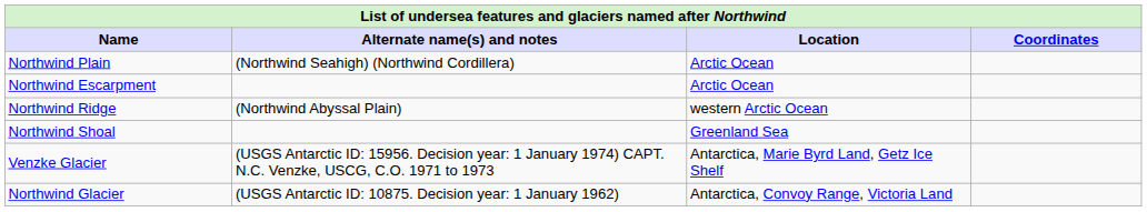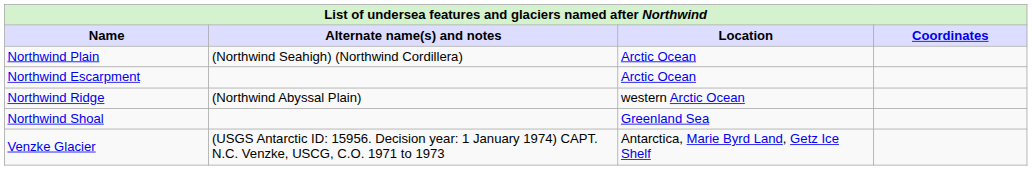 <table class="wikitable sortable">
 <tr>
 <th style="align: center; background: #D4F2CE;" colspan="4">List of undersea features and glaciers named after <em>Northwind</em></th>
 </tr>
 <tr>
 <th style="background:#DDDDFF;" width="20%">Name</th>
 <th style="background:#DDDDFF;" width="40%">Alternate name(s) and notes</th>
 <th style="background:#DDDDFF;" width="25%">Location</th>
 <th style="background:#DDDDFF;" width="15%"><a href='#'>Coordinates</a></th>
 </tr>
 <tr>
 <td><a href='#'>Northwind Plain</a></td>
 <td>(Northwind Seahigh) (Northwind Cordillera)</td>
 <td><a href='#'>Arctic Ocean</a></td>
 <td></td>
 </tr>
 <tr>
 <td><a href='#'>Northwind Escarpment</a></td>
 <td></td>
 <td><a href='#'>Arctic Ocean</a></td>
 <td></td>
 </tr>
 <tr>
 <td><a href='#'>Northwind Ridge</a></td>
 <td>(Northwind Abyssal Plain)</td>
 <td>western <a href='#'>Arctic Ocean</a></td>
 <td></td>
 </tr>
 <tr>
 <td><a href='#'>Northwind Shoal</a></td>
 <td></td>
 <td><a href='#'>Greenland Sea</a></td>
 <td></td>
 </tr>
 <tr>
 <td><a href='#'>Venzke Glacier</a></td>
 <td>(USGS Antarctic ID: 15956. Decision year: 1 January 1974) CAPT. N.C. Venzke, USCG, C.O. 1971 to 1973</td>
 <td>Antarctica, <a href='#'>Marie Byrd Land</a>, <a href='#'>Getz Ice Shelf</a></td>
 <td></td>
 </tr>
-<tr>
-<td><a href='#'>Northwind Glacier</a></td>
-<td>(USGS Antarctic ID: 10875. Decision year: 1 January 1962)</td>
-<td>Antarctica, <a href='#'>Convoy Range</a>, <a href='#'>Victoria Land</a></td>
-<td></td>
-</tr>
 </table>
